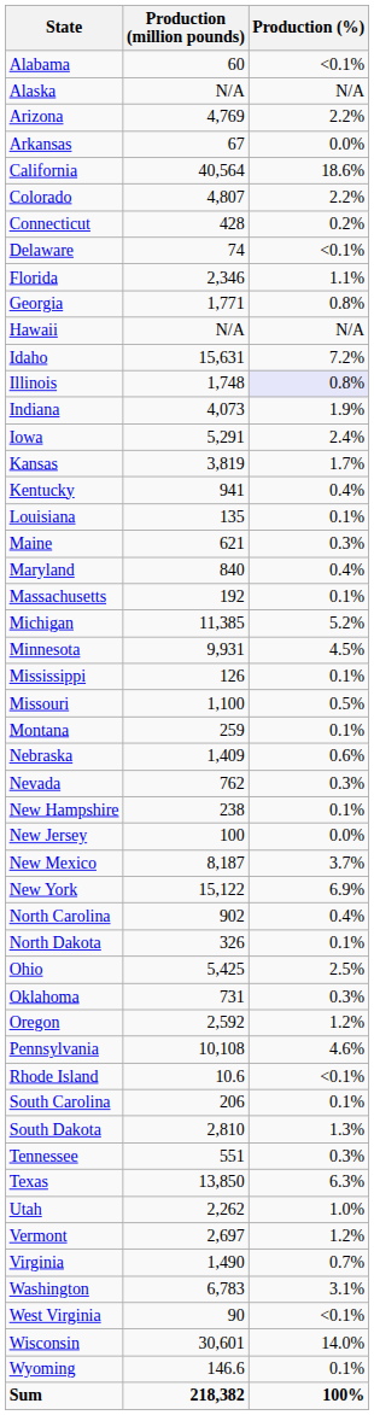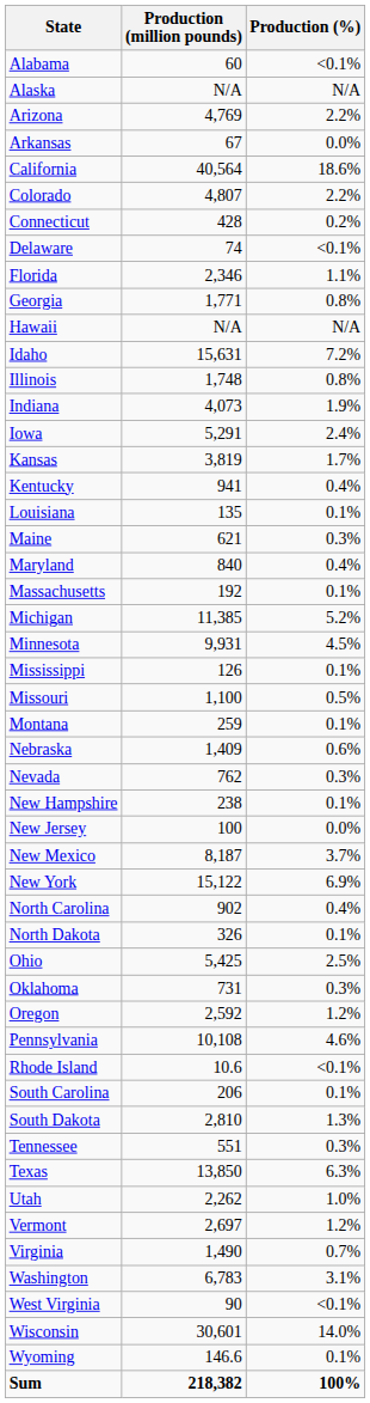 <table class="wikitable sortable">
 <tr>
 <th scope="col">State</th>
 <th scope="col">Production<br>(million pounds)</th>
 <th scope="col">Production (%)</th>
 </tr>
 <tr>
 <td><a href='#'>Alabama</a></td>
 <td style="text-align:right;">60</td>
 <td style="text-align:right;"><0.1%</td>
 </tr>
 <tr>
 <td><a href='#'>Alaska</a></td>
 <td style="text-align:right;">N/A</td>
 <td style="text-align:right;">N/A</td>
 </tr>
 <tr>
 <td><a href='#'>Arizona</a></td>
 <td style="text-align:right;">4,769</td>
 <td style="text-align:right;">2.2%</td>
 </tr>
 <tr>
 <td><a href='#'>Arkansas</a></td>
 <td style="text-align:right;">67</td>
 <td style="text-align:right;">0.0%</td>
 </tr>
 <tr>
 <td><a href='#'>California</a></td>
 <td style="text-align:right;">40,564</td>
 <td style="text-align:right;">18.6%</td>
 </tr>
 <tr>
 <td><a href='#'>Colorado</a></td>
 <td style="text-align:right;">4,807</td>
 <td style="text-align:right;">2.2%</td>
 </tr>
 <tr>
 <td><a href='#'>Connecticut</a></td>
 <td style="text-align:right;">428</td>
 <td style="text-align:right;">0.2%</td>
 </tr>
 <tr>
 <td><a href='#'>Delaware</a></td>
 <td style="text-align:right;">74</td>
 <td style="text-align:right;"><0.1%</td>
 </tr>
 <tr>
 <td><a href='#'>Florida</a></td>
 <td style="text-align:right;">2,346</td>
 <td style="text-align:right;">1.1%</td>
 </tr>
 <tr>
 <td><a href='#'>Georgia</a></td>
 <td style="text-align:right;">1,771</td>
 <td style="text-align:right;">0.8%</td>
 </tr>
 <tr>
 <td><a href='#'>Hawaii</a></td>
 <td style="text-align:right;">N/A</td>
 <td style="text-align:right;">N/A</td>
 </tr>
 <tr>
 <td><a href='#'>Idaho</a></td>
 <td style="text-align:right;">15,631</td>
 <td style="text-align:right;">7.2%</td>
 </tr>
 <tr>
 <td><a href='#'>Illinois</a></td>
 <td style="text-align:right;">1,748</td>
-<td style="background: lavender; text-align:right;">0.8%</td>
+<td style="text-align:right;">0.8%</td>
 </tr>
 <tr>
 <td><a href='#'>Indiana</a></td>
 <td style="text-align:right;">4,073</td>
 <td style="text-align:right;">1.9%</td>
 </tr>
 <tr>
 <td><a href='#'>Iowa</a></td>
 <td style="text-align:right;">5,291</td>
 <td style="text-align:right;">2.4%</td>
 </tr>
 <tr>
 <td><a href='#'>Kansas</a></td>
 <td style="text-align:right;">3,819</td>
 <td style="text-align:right;">1.7%</td>
 </tr>
 <tr>
 <td><a href='#'>Kentucky</a></td>
 <td style="text-align:right;">941</td>
 <td style="text-align:right;">0.4%</td>
 </tr>
 <tr>
 <td><a href='#'>Louisiana</a></td>
 <td style="text-align:right;">135</td>
 <td style="text-align:right;">0.1%</td>
 </tr>
 <tr>
 <td><a href='#'>Maine</a></td>
 <td style="text-align:right;">621</td>
 <td style="text-align:right;">0.3%</td>
 </tr>
 <tr>
 <td><a href='#'>Maryland</a></td>
 <td style="text-align:right;">840</td>
 <td style="text-align:right;">0.4%</td>
 </tr>
 <tr>
 <td><a href='#'>Massachusetts</a></td>
 <td style="text-align:right;">192</td>
 <td style="text-align:right;">0.1%</td>
 </tr>
 <tr>
 <td><a href='#'>Michigan</a></td>
 <td style="text-align:right;">11,385</td>
 <td style="text-align:right;">5.2%</td>
 </tr>
 <tr>
 <td><a href='#'>Minnesota</a></td>
 <td style="text-align:right;">9,931</td>
 <td style="text-align:right;">4.5%</td>
 </tr>
 <tr>
 <td><a href='#'>Mississippi</a></td>
 <td style="text-align:right;">126</td>
 <td style="text-align:right;">0.1%</td>
 </tr>
 <tr>
 <td><a href='#'>Missouri</a></td>
 <td style="text-align:right;">1,100</td>
 <td style="text-align:right;">0.5%</td>
 </tr>
 <tr>
 <td><a href='#'>Montana</a></td>
 <td style="text-align:right;">259</td>
 <td style="text-align:right;">0.1%</td>
 </tr>
 <tr>
 <td><a href='#'>Nebraska</a></td>
 <td style="text-align:right;">1,409</td>
 <td style="text-align:right;">0.6%</td>
 </tr>
 <tr>
 <td><a href='#'>Nevada</a></td>
 <td style="text-align:right;">762</td>
 <td style="text-align:right;">0.3%</td>
 </tr>
 <tr>
 <td><a href='#'>New Hampshire</a></td>
 <td style="text-align:right;">238</td>
 <td style="text-align:right;">0.1%</td>
 </tr>
 <tr>
 <td><a href='#'>New Jersey</a></td>
 <td style="text-align:right;">100</td>
 <td style="text-align:right;">0.0%</td>
 </tr>
 <tr>
 <td><a href='#'>New Mexico</a></td>
 <td style="text-align:right;">8,187</td>
 <td style="text-align:right;">3.7%</td>
 </tr>
 <tr>
 <td><a href='#'>New York</a></td>
 <td style="text-align:right;">15,122</td>
 <td style="text-align:right;">6.9%</td>
 </tr>
 <tr>
 <td><a href='#'>North Carolina</a></td>
 <td style="text-align:right;">902</td>
 <td style="text-align:right;">0.4%</td>
 </tr>
 <tr>
 <td><a href='#'>North Dakota</a></td>
 <td style="text-align:right;">326</td>
 <td style="text-align:right;">0.1%</td>
 </tr>
 <tr>
 <td><a href='#'>Ohio</a></td>
 <td style="text-align:right;">5,425</td>
 <td style="text-align:right;">2.5%</td>
 </tr>
 <tr>
 <td><a href='#'>Oklahoma</a></td>
 <td style="text-align:right;">731</td>
 <td style="text-align:right;">0.3%</td>
 </tr>
 <tr>
 <td><a href='#'>Oregon</a></td>
 <td style="text-align:right;">2,592</td>
 <td style="text-align:right;">1.2%</td>
 </tr>
 <tr>
 <td><a href='#'>Pennsylvania</a></td>
 <td style="text-align:right;">10,108</td>
 <td style="text-align:right;">4.6%</td>
 </tr>
 <tr>
 <td><a href='#'>Rhode Island</a></td>
 <td style="text-align:right;">10.6</td>
 <td style="text-align:right;"><0.1%</td>
 </tr>
 <tr>
 <td><a href='#'>South Carolina</a></td>
 <td style="text-align:right;">206</td>
 <td style="text-align:right;">0.1%</td>
 </tr>
 <tr>
 <td><a href='#'>South Dakota</a></td>
 <td style="text-align:right;">2,810</td>
 <td style="text-align:right;">1.3%</td>
 </tr>
 <tr>
 <td><a href='#'>Tennessee</a></td>
 <td style="text-align:right;">551</td>
 <td style="text-align:right;">0.3%</td>
 </tr>
 <tr>
 <td><a href='#'>Texas</a></td>
 <td style="text-align:right;">13,850</td>
 <td style="text-align:right;">6.3%</td>
 </tr>
 <tr>
 <td><a href='#'>Utah</a></td>
 <td style="text-align:right;">2,262</td>
 <td style="text-align:right;">1.0%</td>
 </tr>
 <tr>
 <td><a href='#'>Vermont</a></td>
 <td style="text-align:right;">2,697</td>
 <td style="text-align:right;">1.2%</td>
 </tr>
 <tr>
 <td><a href='#'>Virginia</a></td>
 <td style="text-align:right;">1,490</td>
 <td style="text-align:right;">0.7%</td>
 </tr>
 <tr>
 <td><a href='#'>Washington</a></td>
 <td style="text-align:right;">6,783</td>
 <td style="text-align:right;">3.1%</td>
 </tr>
 <tr>
 <td><a href='#'>West Virginia</a></td>
 <td style="text-align:right;">90</td>
 <td style="text-align:right;"><0.1%</td>
 </tr>
 <tr>
 <td><a href='#'>Wisconsin</a></td>
 <td style="text-align:right;">30,601</td>
 <td style="text-align:right;">14.0%</td>
 </tr>
 <tr>
 <td><a href='#'>Wyoming</a></td>
 <td style="text-align:right;">146.6</td>
 <td style="text-align:right;">0.1%</td>
 </tr>
 <tr>
 <td><strong>Sum</strong></td>
 <td style="text-align:right;"><strong>218,382</strong></td>
 <td style="text-align:right;"><strong>100%</strong></td>
 </tr>
 </table>
